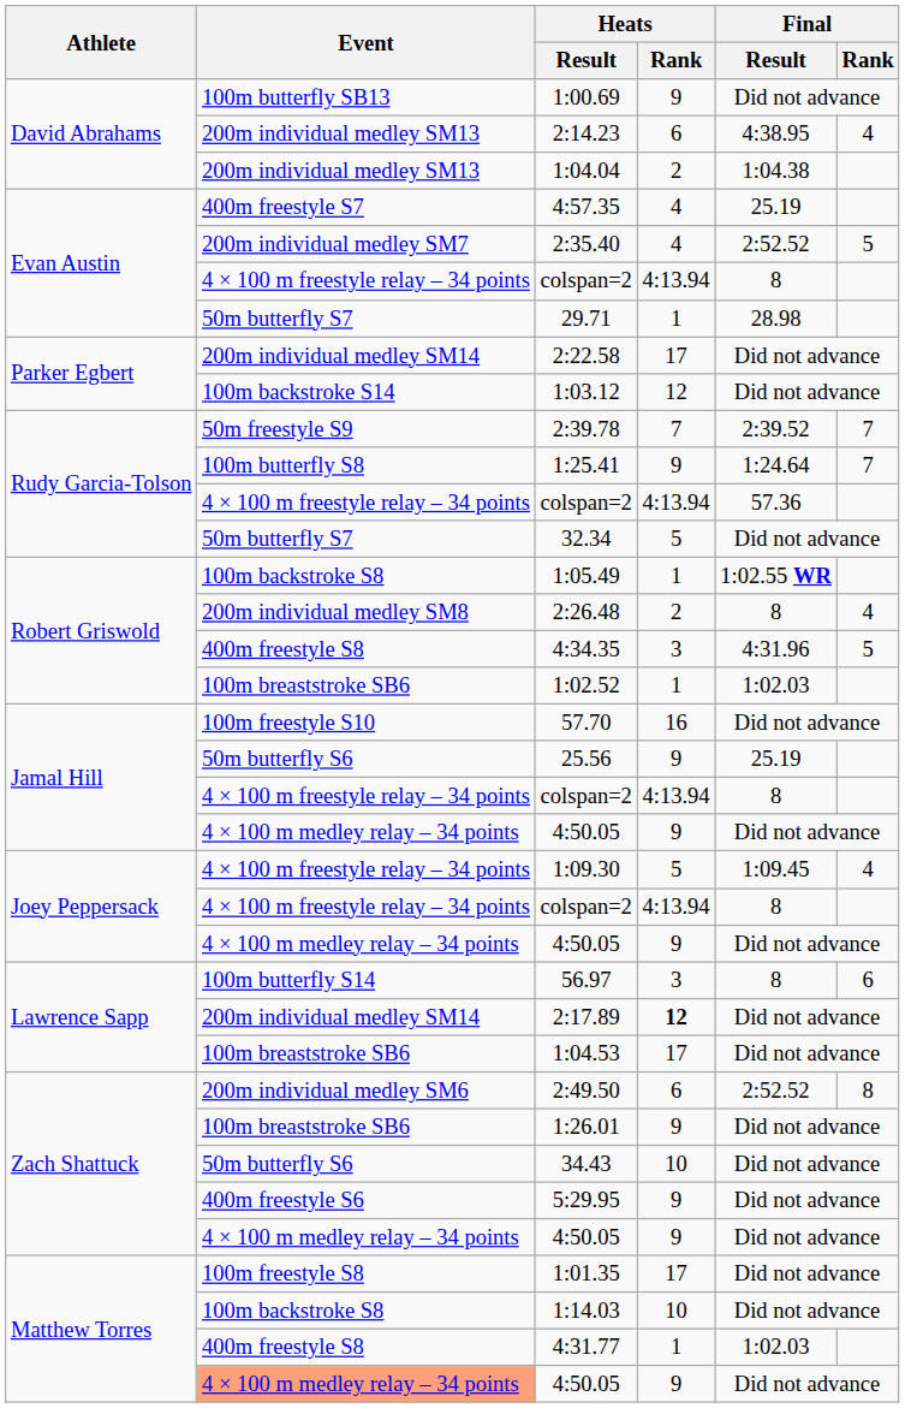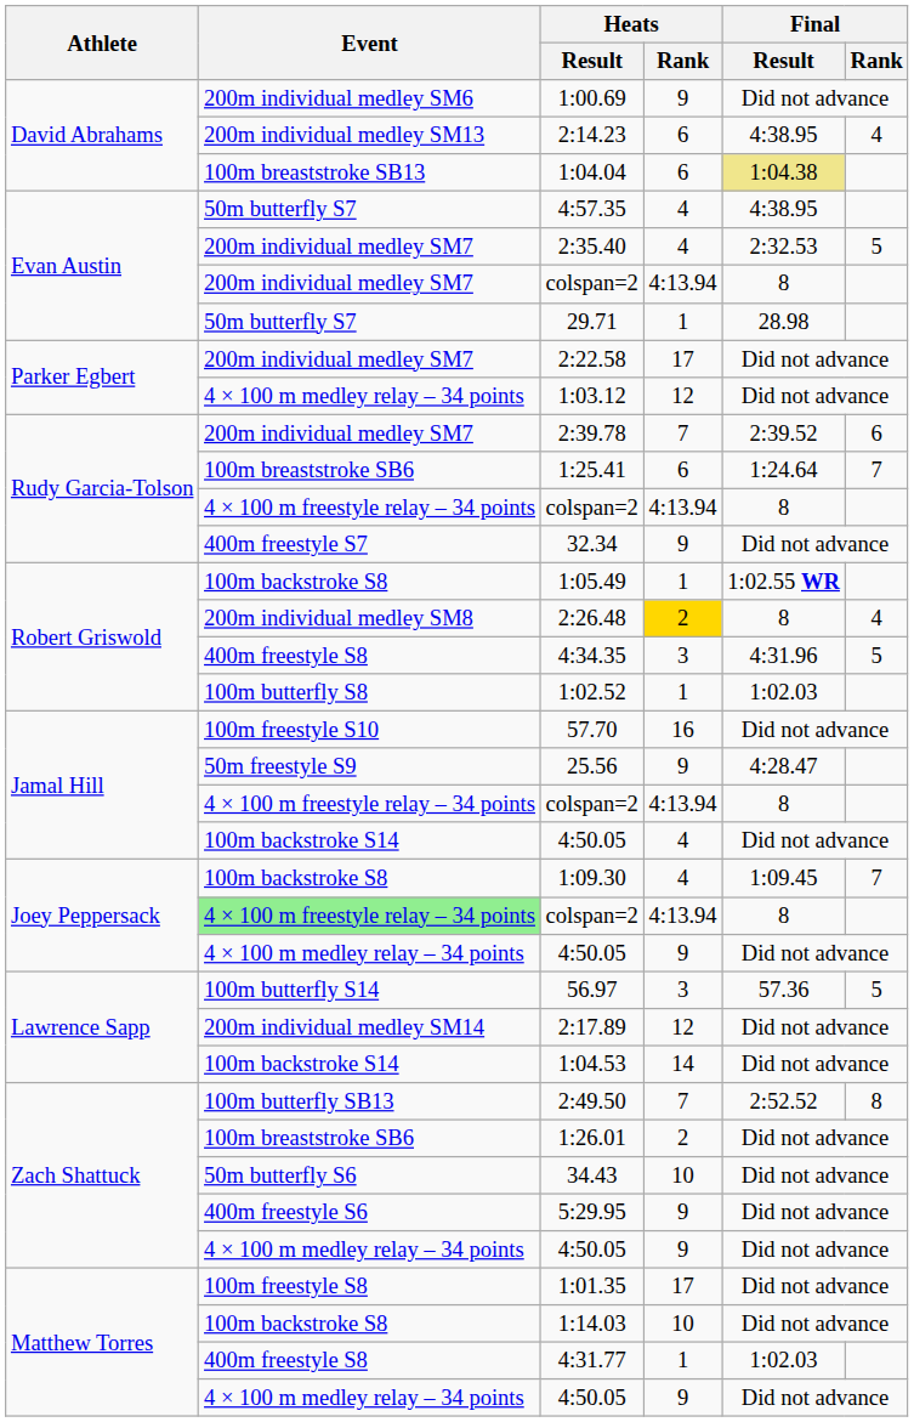 <table class=wikitable style="font-size:95%">
 <tr>
 <th rowspan="2">Athlete</th>
 <th rowspan="2">Event</th>
 <th colspan="2">Heats</th>
 <th colspan="2">Final</th>
 </tr>
 <tr>
 <th>Result</th>
 <th>Rank</th>
 <th>Result</th>
 <th>Rank</th>
 </tr>
 <tr align=center>
 <td rowspan=3 align=left><a href='#'>David Abrahams</a></td>
-<td align=left><a href='#'>100m butterfly SB13</a></td>
+<td align=left><a href='#'>200m individual medley SM6</a></td>
 <td>1:00.69</td>
 <td>9</td>
 <td colspan=2>Did not advance</td>
 </tr>
 <tr align=center>
 <td align=left><a href='#'>200m individual medley SM13</a></td>
 <td>2:14.23 <strong></strong></td>
 <td>6 <strong></strong></td>
 <td>4:38.95 <strong></strong></td>
 <td>4</td>
 </tr>
 <tr align=center>
-<td align=left><a href='#'>200m individual medley SM13</a></td>
+<td align=left><a href='#'>100m breaststroke SB13</a></td>
 <td>1:04.04 <strong></strong></td>
-<td>2 <strong></strong></td>
-<td>1:04.38</td>
+<td>6 <strong></strong></td>
+<td style="background: khaki;">1:04.38</td>
 <td></td>
 </tr>
 <tr align=center>
 <td rowspan=4 align=left><a href='#'>Evan Austin</a></td>
-<td align=left><a href='#'>400m freestyle S7</a></td>
+<td align=left><a href='#'>50m butterfly S7</a></td>
 <td>4:57.35</td>
 <td>4 <strong></strong></td>
-<td>25.19 <strong></strong></td>
+<td>4:38.95 <strong></strong></td>
 <td></td>
 </tr>
 <tr align=center>
 <td align=left><a href='#'>200m individual medley SM7</a></td>
 <td>2:35.40</td>
 <td>4</td>
-<td>2:52.52</td>
+<td>2:32.53</td>
 <td>5</td>
 </tr>
 <tr align=center>
-<td align=left><a href='#'>4 × 100 m freestyle relay – 34 points</a></td>
+<td align=left><a href='#'>200m individual medley SM7</a></td>
 <td>colspan=2 </td>
 <td>4:13.94</td>
 <td>8</td>
 </tr>
 <tr align=center>
 <td align=left><a href='#'>50m butterfly S7</a></td>
 <td>29.71</td>
 <td>1 <strong></strong></td>
 <td>28.98 <strong></strong></td>
 <td></td>
 </tr>
 <tr align=center>
 <td rowspan=2 align=left><a href='#'>Parker Egbert</a></td>
-<td align=left><a href='#'>200m individual medley SM14</a></td>
+<td align=left><a href='#'>200m individual medley SM7</a></td>
 <td>2:22.58</td>
 <td>17</td>
 <td colspan=2>Did not advance</td>
 </tr>
 <tr align=center>
-<td align=left><a href='#'>100m backstroke S14</a></td>
+<td align=left><a href='#'>4 × 100 m medley relay – 34 points</a></td>
 <td>1:03.12</td>
 <td>12</td>
 <td colspan=2>Did not advance</td>
 </tr>
 <tr align=center>
 <td rowspan=4 align=left><a href='#'>Rudy Garcia-Tolson</a></td>
-<td align=left><a href='#'>50m freestyle S9</a></td>
+<td align=left><a href='#'>200m individual medley SM7</a></td>
 <td>2:39.78</td>
 <td>7 <strong></strong></td>
 <td>2:39.52</td>
-<td>7</td>
+<td>6</td>
 </tr>
 <tr align=center>
-<td align=left><a href='#'>100m butterfly S8</a></td>
+<td align=left><a href='#'>100m breaststroke SB6</a></td>
 <td>1:25.41</td>
-<td>9 <strong></strong></td>
+<td>6 <strong></strong></td>
 <td>1:24.64</td>
 <td>7</td>
 </tr>
 <tr align=center>
 <td align=left><a href='#'>4 × 100 m freestyle relay – 34 points</a></td>
 <td>colspan=2 </td>
 <td>4:13.94</td>
-<td>57.36</td>
+<td>8</td>
 </tr>
 <tr align=center>
-<td align=left><a href='#'>50m butterfly S7</a></td>
+<td align=left><a href='#'>400m freestyle S7</a></td>
 <td>32.34</td>
-<td>5</td>
+<td>9</td>
 <td colspan=2>Did not advance</td>
 </tr>
 <tr align=center>
 <td rowspan=4 align=left><a href='#'>Robert Griswold</a></td>
 <td align=left><a href='#'>100m backstroke S8</a></td>
 <td>1:05.49</td>
 <td>1 <strong></strong></td>
 <td>1:02.55 <strong><a href='#'>WR</a></strong></td>
 <td></td>
 </tr>
 <tr align=center>
 <td align=left><a href='#'>200m individual medley SM8</a></td>
 <td>2:26.48</td>
-<td>2 <strong></strong></td>
+<td style="background: gold;">2 <strong></strong></td>
 <td>8</td>
 <td>4</td>
 </tr>
 <tr align=center>
 <td align=left><a href='#'>400m freestyle S8</a></td>
 <td>4:34.35</td>
 <td>3 <strong></strong></td>
 <td>4:31.96</td>
 <td>5</td>
 </tr>
 <tr align=center>
-<td align=left><a href='#'>100m breaststroke SB6</a></td>
+<td align=left><a href='#'>100m butterfly S8</a></td>
 <td>1:02.52 <strong></strong></td>
 <td>1 <strong></strong></td>
 <td>1:02.03 <strong></strong></td>
 <td></td>
 </tr>
 <tr align=center>
 <td rowspan=4 align=left><a href='#'>Jamal Hill</a></td>
 <td align=left><a href='#'>100m freestyle S10</a></td>
 <td>57.70</td>
 <td>16</td>
 <td colspan=2>Did not advance</td>
 </tr>
 <tr align=center>
-<td align=left><a href='#'>50m butterfly S6</a></td>
+<td align=left><a href='#'>50m freestyle S9</a></td>
 <td>25.56</td>
 <td>9 <strong></strong></td>
-<td>25.19 <strong></strong></td>
+<td>4:28.47 <strong></strong></td>
 <td></td>
 </tr>
 <tr align=center>
 <td align=left><a href='#'>4 × 100 m freestyle relay – 34 points</a></td>
 <td>colspan=2 </td>
 <td>4:13.94</td>
 <td>8</td>
 </tr>
 <tr align=center>
-<td align=left><a href='#'>4 × 100 m medley relay – 34 points</a></td>
+<td align=left><a href='#'>100m backstroke S14</a></td>
 <td>4:50.05</td>
-<td>9</td>
+<td>4</td>
 <td colspan=2>Did not advance</td>
 </tr>
 <tr align=center>
 <td rowspan=3 align=left><a href='#'>Joey Peppersack</a></td>
-<td align=left><a href='#'>4 × 100 m freestyle relay – 34 points</a></td>
+<td align=left><a href='#'>100m backstroke S8</a></td>
 <td>1:09.30</td>
-<td>5 <strong></strong></td>
+<td>4 <strong></strong></td>
 <td>1:09.45</td>
-<td>4</td>
+<td>7</td>
 </tr>
 <tr align=center>
-<td align=left><a href='#'>4 × 100 m freestyle relay – 34 points</a></td>
+<td align=left style="background: lightgreen;"><a href='#'>4 × 100 m freestyle relay – 34 points</a></td>
 <td>colspan=2 </td>
 <td>4:13.94</td>
 <td>8</td>
 </tr>
 <tr align=center>
 <td align=left><a href='#'>4 × 100 m medley relay – 34 points</a></td>
 <td>4:50.05</td>
 <td>9</td>
 <td colspan=2>Did not advance</td>
 </tr>
 <tr align=center>
 <td rowspan=3 align=left><a href='#'>Lawrence Sapp</a></td>
 <td align=left><a href='#'>100m butterfly S14</a></td>
 <td>56.97</td>
 <td>3 <strong></strong></td>
-<td>8</td>
-<td>6</td>
+<td>57.36</td>
+<td>5</td>
 </tr>
 <tr align=center>
 <td align=left><a href='#'>200m individual medley SM14</a></td>
 <td>2:17.89</td>
-<td><strong>12</strong></td>
+<td>12</td>
 <td colspan=2>Did not advance</td>
 </tr>
 <tr align=center>
-<td align=left><a href='#'>100m breaststroke SB6</a></td>
+<td align=left><a href='#'>100m backstroke S14</a></td>
 <td>1:04.53</td>
-<td>17</td>
+<td>14</td>
 <td colspan=2>Did not advance</td>
 </tr>
 <tr align=center>
 <td rowspan=5 align=left><a href='#'>Zach Shattuck</a></td>
-<td align=left><a href='#'>200m individual medley SM6</a></td>
+<td align=left><a href='#'>100m butterfly SB13</a></td>
 <td>2:49.50</td>
-<td>6 <strong></strong></td>
+<td>7 <strong></strong></td>
 <td>2:52.52</td>
 <td>8</td>
 </tr>
 <tr align=center>
 <td align=left><a href='#'>100m breaststroke SB6</a></td>
 <td>1:26.01</td>
-<td>9</td>
+<td>2</td>
 <td colspan=2>Did not advance</td>
 </tr>
 <tr align=center>
 <td align=left><a href='#'>50m butterfly S6</a></td>
 <td>34.43</td>
 <td>10</td>
 <td colspan=2>Did not advance</td>
 </tr>
 <tr align=center>
 <td align=left><a href='#'>400m freestyle S6</a></td>
 <td>5:29.95</td>
 <td>9</td>
 <td colspan=2>Did not advance</td>
 </tr>
 <tr align=center>
 <td align=left><a href='#'>4 × 100 m medley relay – 34 points</a></td>
 <td>4:50.05</td>
 <td>9</td>
 <td colspan=2>Did not advance</td>
 </tr>
 <tr align=center>
 <td rowspan=4 align=left><a href='#'>Matthew Torres</a></td>
 <td align=left><a href='#'>100m freestyle S8</a></td>
 <td>1:01.35</td>
 <td>17</td>
 <td colspan=2>Did not advance</td>
 </tr>
 <tr align=center>
 <td align=left><a href='#'>100m backstroke S8</a></td>
 <td>1:14.03</td>
 <td>10</td>
 <td colspan=2>Did not advance</td>
 </tr>
 <tr align=center>
 <td align=left><a href='#'>400m freestyle S8</a></td>
 <td>4:31.77</td>
 <td>1 <strong></strong></td>
 <td>1:02.03 <strong></strong></td>
 <td></td>
 </tr>
 <tr align=center>
-<td align=left style="background: lightsalmon;"><a href='#'>4 × 100 m medley relay – 34 points</a></td>
+<td align=left><a href='#'>4 × 100 m medley relay – 34 points</a></td>
 <td>4:50.05</td>
 <td>9</td>
 <td colspan=2>Did not advance</td>
 </tr>
 </table>
